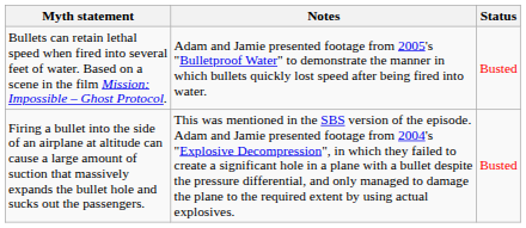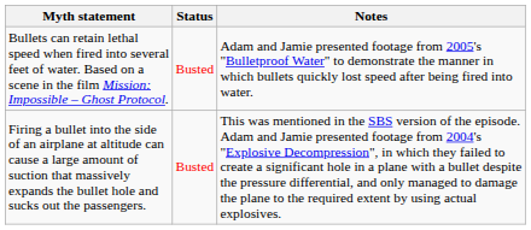 <table class="wikitable plainrowheaders">
 <tr>
 <th>Myth statement</th>
+<th>Status</th>
 <th>Notes</th>
-<th>Status</th>
 </tr>
 <tr>
 <td>Bullets can retain lethal speed when fired into several feet of water. Based on a scene in the film <em><a href='#'>Mission: Impossible – Ghost Protocol</a></em>.</td>
+<td style="color:red">Busted</td>
 <td>Adam and Jamie presented footage from <a href='#'>2005</a>'s "<a href='#'>Bulletproof Water</a>" to demonstrate the manner in which bullets quickly lost speed after being fired into water.</td>
-<td style="color:red">Busted</td>
 </tr>
 <tr>
 <td>Firing a bullet into the side of an airplane at altitude can cause a large amount of suction that massively expands the bullet hole and sucks out the passengers.</td>
+<td style="color:red">Busted</td>
 <td>This was mentioned in the <a href='#'>SBS</a> version of the episode. Adam and Jamie presented footage from <a href='#'>2004</a>'s "<a href='#'>Explosive Decompression</a>", in which they failed to create a significant hole in a plane with a bullet despite the pressure differential, and only managed to damage the plane to the required extent by using actual explosives.</td>
-<td style="color:red">Busted</td>
 </tr>
 </table>
